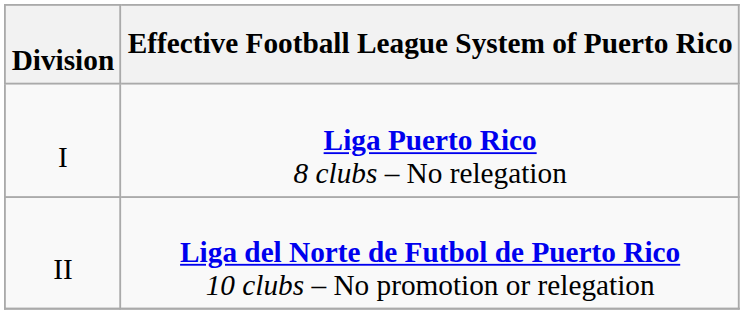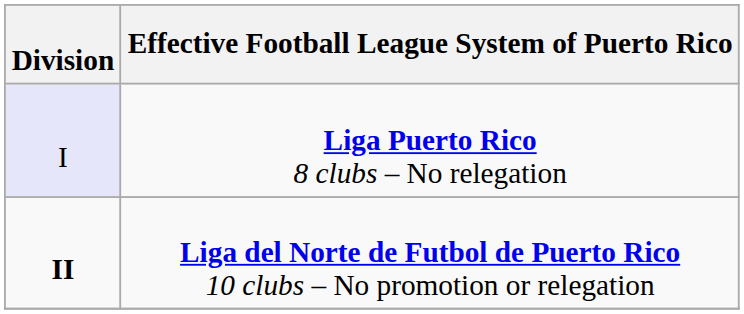 <table class="wikitable" style="text-align: center;">
 <tr>
 <th><br>Division</th>
 <th colspan="3">Effective Football League System of Puerto Rico</th>
 </tr>
 <tr>
-<td><br>I</td>
+<td style="background: lavender;"><br>I</td>
 <td colspan="3"><br><strong><a href='#'>Liga Puerto Rico</a></strong><br><em>8 clubs</em> – No relegation</td>
 </tr>
 <tr>
-<td><br>II</td>
+<td><strong><br>II</strong></td>
 <td colspan="3"><br><strong><a href='#'>Liga del Norte de Futbol de Puerto Rico</a></strong><br> <em>10 clubs</em> – No promotion or relegation</td>
 </tr>
 <tr>
 </tr>
 </table>
